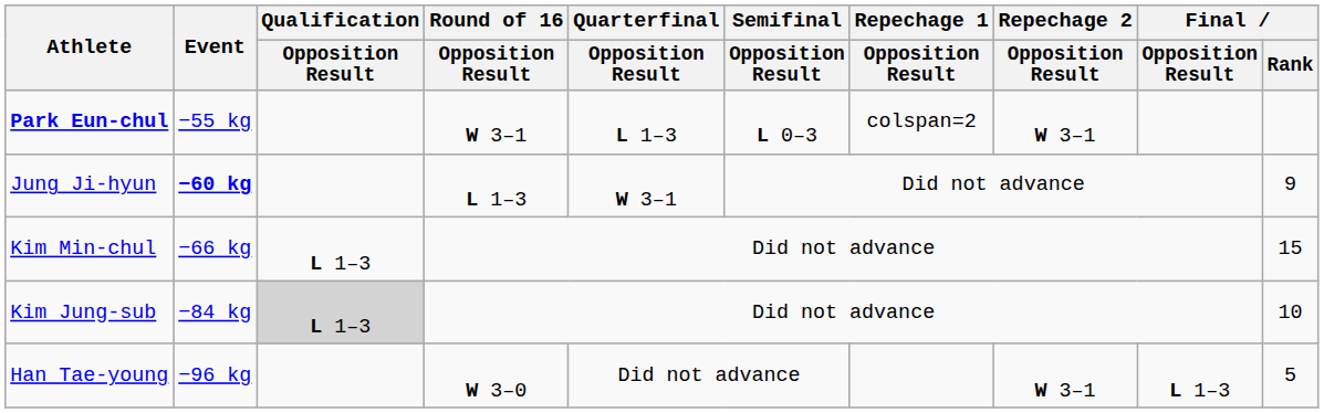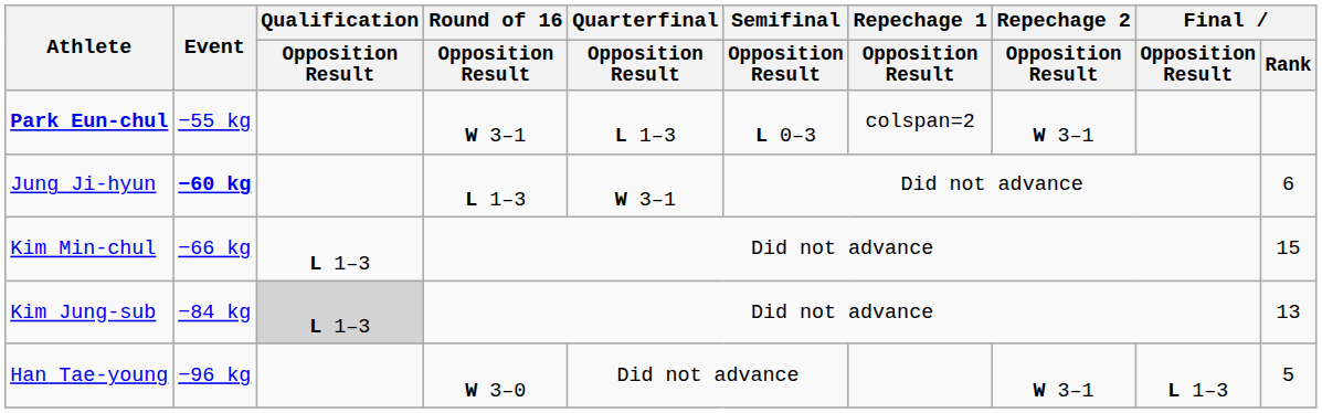 <table class="wikitable" style="font-size:90%">
 <tr>
 <th rowspan="2">Athlete</th>
 <th rowspan="2">Event</th>
 <th>Qualification</th>
 <th>Round of 16</th>
 <th>Quarterfinal</th>
 <th>Semifinal</th>
 <th>Repechage 1</th>
 <th>Repechage 2</th>
 <th colspan=2>Final / </th>
 </tr>
 <tr style="font-size: 95%">
 <th>Opposition<br>Result</th>
 <th>Opposition<br>Result</th>
 <th>Opposition<br>Result</th>
 <th>Opposition<br>Result</th>
 <th>Opposition<br>Result</th>
 <th>Opposition<br>Result</th>
 <th>Opposition<br>Result</th>
 <th>Rank</th>
 </tr>
 <tr align=center>
 <td align=left><strong><a href='#'>Park Eun-chul</a></strong></td>
 <td align=left><a href='#'>−55 kg</a></td>
 <td></td>
 <td><br><strong>W</strong> 3–1 <sup></sup></td>
 <td><br><strong>L</strong> 1–3 <sup></sup></td>
 <td><br><strong>L</strong> 0–3 <sup></sup></td>
 <td>colspan=2 </td>
 <td><br><strong>W</strong> 3–1 <sup></sup></td>
 <td></td>
 </tr>
 <tr align=center>
 <td align=left><a href='#'>Jung Ji-hyun</a></td>
 <td align=left><strong><a href='#'>−60 kg</a></strong></td>
 <td></td>
 <td><br><strong>L</strong> 1–3 <sup></sup></td>
 <td><br><strong>W</strong> 3–1 <sup></sup></td>
 <td colspan=4>Did not advance</td>
-<td>9</td>
+<td>6</td>
 </tr>
 <tr align=center>
 <td align=left><a href='#'>Kim Min-chul</a></td>
 <td align=left><a href='#'>−66 kg</a></td>
 <td><br><strong>L</strong> 1–3 <sup></sup></td>
 <td colspan=6>Did not advance</td>
 <td>15</td>
 </tr>
 <tr align=center>
 <td align=left><a href='#'>Kim Jung-sub</a></td>
 <td align=left><a href='#'>−84 kg</a></td>
 <td style="background: lightgrey;"><br><strong>L</strong> 1–3 <sup></sup></td>
 <td colspan=6>Did not advance</td>
-<td>10</td>
+<td>13</td>
 </tr>
 <tr align=center>
 <td align=left><a href='#'>Han Tae-young</a></td>
 <td align=left><a href='#'>−96 kg</a></td>
 <td></td>
 <td><br><strong>W</strong> 3–0 <sup></sup></td>
 <td colspan=2>Did not advance</td>
 <td></td>
 <td><br><strong>W</strong> 3–1 <sup></sup></td>
 <td><br><strong>L</strong> 1–3 <sup></sup></td>
 <td>5</td>
 </tr>
 </table>
